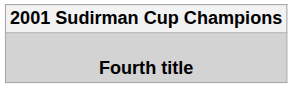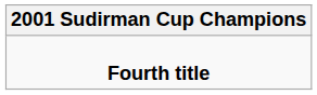 <table class=wikitable style="text-align:center; margin:auto">
 <tr>
 <th>2001 Sudirman Cup Champions</th>
 </tr>
 <tr>
-<td style="background: lightgrey;"><strong></strong> <br> <strong>Fourth title</strong></td>
+<td><strong></strong> <br> <strong>Fourth title</strong></td>
 </tr>
 </table>
